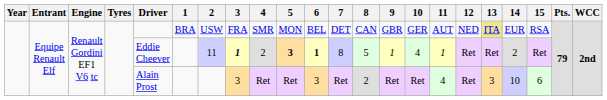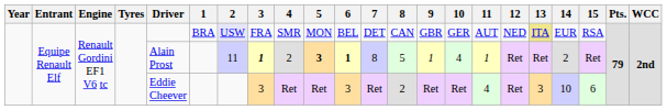 <table class="wikitable" style="text-align:center; font-size:95%">
 <tr>
 <th>Year</th>
 <th>Entrant</th>
 <th>Engine</th>
 <th>Tyres</th>
 <th>Driver</th>
 <th>1</th>
 <th>2</th>
 <th>3</th>
 <th>4</th>
 <th>5</th>
 <th>6</th>
 <th>7</th>
 <th>8</th>
 <th>9</th>
 <th>10</th>
 <th>11</th>
 <th>12</th>
 <th>13</th>
 <th>14</th>
 <th>15</th>
 <th>Pts.</th>
 <th>WCC</th>
 </tr>
 <tr>
 <td rowspan="3"></td>
 <td rowspan="3"><a href='#'>Equipe Renault</a> <a href='#'>Elf</a></td>
 <td rowspan="3"><a href='#'>Renault Gordini</a> EF1<br><a href='#'>V6</a> <a href='#'>tc</a></td>
 <td rowspan="3"></td>
 <td></td>
 <td><a href='#'>BRA</a></td>
-<td><a href='#'>USW</a></td>
+<td style="background: lavender;"><a href='#'>USW</a></td>
 <td><a href='#'>FRA</a></td>
 <td><a href='#'>SMR</a></td>
 <td><a href='#'>MON</a></td>
 <td><a href='#'>BEL</a></td>
 <td><a href='#'>DET</a></td>
 <td><a href='#'>CAN</a></td>
 <td><a href='#'>GBR</a></td>
 <td><a href='#'>GER</a></td>
 <td><a href='#'>AUT</a></td>
 <td><a href='#'>NED</a></td>
 <td style="background: khaki;"><a href='#'>ITA</a></td>
 <td><a href='#'>EUR</a></td>
 <td><a href='#'>RSA</a></td>
 <td rowspan="3" style="background:#DFDFDF;"><strong>79</strong></td>
 <td rowspan="3" style="background:#DFDFDF;"><strong>2nd</strong></td>
 </tr>
 <tr>
-<td align="left"><a href='#'>Eddie Cheever</a></td>
+<td align="left"><a href='#'>Alain Prost</a></td>
 <td></td>
 <td style="background:#CFCFFF;">11</td>
 <td style="background:#FFFFBF;"><strong><em>1</em></strong></td>
 <td style="background:#DFDFDF;">2</td>
 <td style="background:#FFDF9F;"><strong>3</strong></td>
 <td style="background:#FFFFBF;"><strong>1</strong></td>
 <td style="background:#CFCFFF;">8</td>
 <td style="background:#DFFFDF;">5</td>
 <td style="background:#FFFFBF;"><em>1</em></td>
 <td style="background:#DFFFDF;">4</td>
 <td style="background:#FFFFBF;"><em>1</em></td>
 <td style="background:#EFCFFF;">Ret</td>
 <td style="background:#EFCFFF;">Ret</td>
 <td style="background:#DFDFDF;">2</td>
 <td style="background:#EFCFFF;">Ret</td>
 </tr>
 <tr>
-<td align="left"><a href='#'>Alain Prost</a></td>
+<td align="left"><a href='#'>Eddie Cheever</a></td>
 <td></td>
 <td></td>
 <td style="background:#FFDF9F;">3</td>
 <td style="background:#EFCFFF;">Ret</td>
 <td style="background:#EFCFFF;">Ret</td>
 <td style="background:#FFDF9F;">3</td>
 <td style="background:#EFCFFF;">Ret</td>
 <td style="background:#DFDFDF;">2</td>
 <td style="background:#EFCFFF;">Ret</td>
 <td style="background:#EFCFFF;">Ret</td>
 <td style="background:#DFFFDF;">4</td>
 <td style="background:#EFCFFF;">Ret</td>
 <td style="background:#FFDF9F;">3</td>
 <td style="background:#CFCFFF;">10</td>
 <td style="background:#DFFFDF;">6</td>
 </tr>
 </table>
